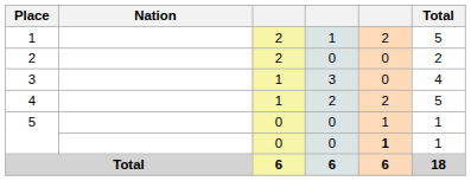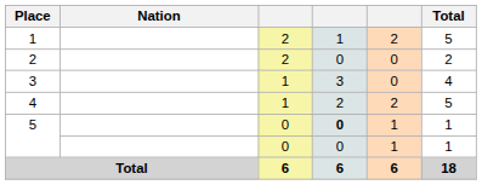 <table class=wikitable style="border:1px solid #AAAAAA;font-size:90%">
 <tr bgcolor="#EFEFEF">
 <th width=50>Place</th>
 <th width=200>Nation</th>
 <th width=50></th>
 <th width=50></th>
 <th width=50></th>
 <th width=50>Total</th>
 </tr>
 <tr align="center" valign="top" bgcolor="#FFFFFF">
 <td>1</td>
 <td align="left"></td>
 <td style="background:#F7F6A8;">2</td>
 <td style="background:#DCE5E5;">1</td>
 <td style="background:#FFDAB9;">2</td>
 <td>5</td>
 </tr>
 <tr align="center" valign="top" bgcolor="#FFFFFF">
 <td>2</td>
 <td align="left"></td>
 <td style="background:#F7F6A8;">2</td>
 <td style="background:#DCE5E5;">0</td>
 <td style="background:#FFDAB9;">0</td>
 <td>2</td>
 </tr>
 <tr align="center" valign="top" bgcolor="#FFFFFF">
 <td>3</td>
 <td align="left"></td>
 <td style="background:#F7F6A8;">1</td>
 <td style="background:#DCE5E5;">3</td>
 <td style="background:#FFDAB9;">0</td>
 <td>4</td>
 </tr>
 <tr align="center" valign="top" bgcolor="#FFFFFF">
 <td>4</td>
 <td align="left"></td>
 <td style="background:#F7F6A8;">1</td>
 <td style="background:#DCE5E5;">2</td>
 <td style="background:#FFDAB9;">2</td>
 <td>5</td>
 </tr>
 <tr align="center" valign="top" bgcolor="#FFFFFF">
 <td rowspan="2" valign="center">5</td>
 <td align="left"></td>
 <td style="background:#F7F6A8;">0</td>
-<td style="background:#DCE5E5;">0</td>
+<td style="background:#DCE5E5;"><strong>0</strong></td>
 <td style="background:#FFDAB9;">1</td>
 <td>1</td>
 </tr>
 <tr align="center" valign="top" bgcolor="#FFFFFF">
 <td align="left"></td>
 <td style="background:#F7F6A8;">0</td>
 <td style="background:#DCE5E5;">0</td>
-<td style="background:#FFDAB9;"><strong>1</strong></td>
+<td style="background:#FFDAB9;">1</td>
 <td>1</td>
 </tr>
 <tr align="center">
 <td colspan="2" bgcolor=D3D3D3><strong>Total</strong></td>
 <td style="background:#F7F6A8;"><strong>6</strong></td>
 <td style="background:#DCE5E5;"><strong>6</strong></td>
 <td style="background:#FFDAB9;"><strong>6</strong></td>
 <td bgcolor=D3D3D3><strong>18</strong></td>
 </tr>
 </table>
